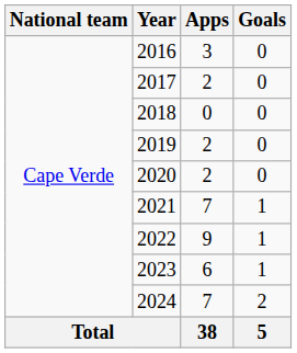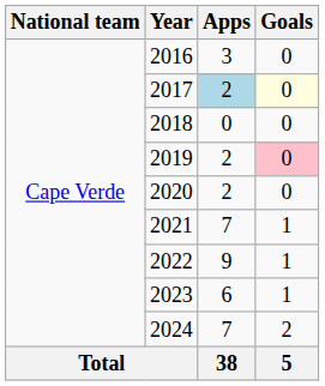 <table class=wikitable style="text-align: center">
 <tr>
 <th>National team</th>
 <th>Year</th>
 <th>Apps</th>
 <th>Goals</th>
 </tr>
 <tr>
 <td rowspan="9"><a href='#'>Cape Verde</a></td>
 <td>2016</td>
 <td>3</td>
 <td>0</td>
 </tr>
 <tr>
 <td>2017</td>
-<td>2</td>
-<td>0</td>
+<td style="background: lightblue;">2</td>
+<td style="background: lightyellow;">0</td>
 </tr>
 <tr>
 <td>2018</td>
 <td>0</td>
 <td>0</td>
 </tr>
 <tr>
 <td>2019</td>
 <td>2</td>
-<td>0</td>
+<td style="background: pink;">0</td>
 </tr>
 <tr>
 <td>2020</td>
 <td>2</td>
 <td>0</td>
 </tr>
 <tr>
 <td>2021</td>
 <td>7</td>
 <td>1</td>
 </tr>
 <tr>
 <td>2022</td>
 <td>9</td>
 <td>1</td>
 </tr>
 <tr>
 <td>2023</td>
 <td>6</td>
 <td>1</td>
 </tr>
 <tr>
 <td>2024</td>
 <td>7</td>
 <td>2</td>
 </tr>
 <tr>
 <th colspan="2">Total</th>
 <th>38</th>
 <th>5</th>
 </tr>
 </table>
